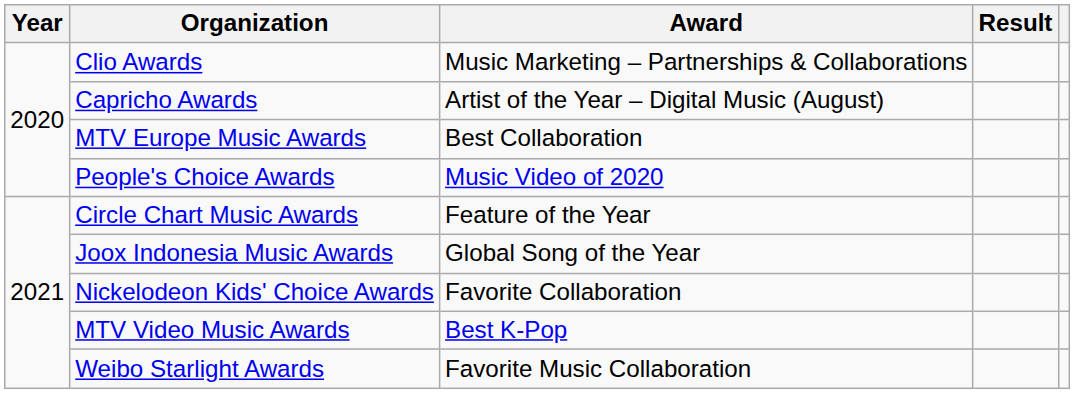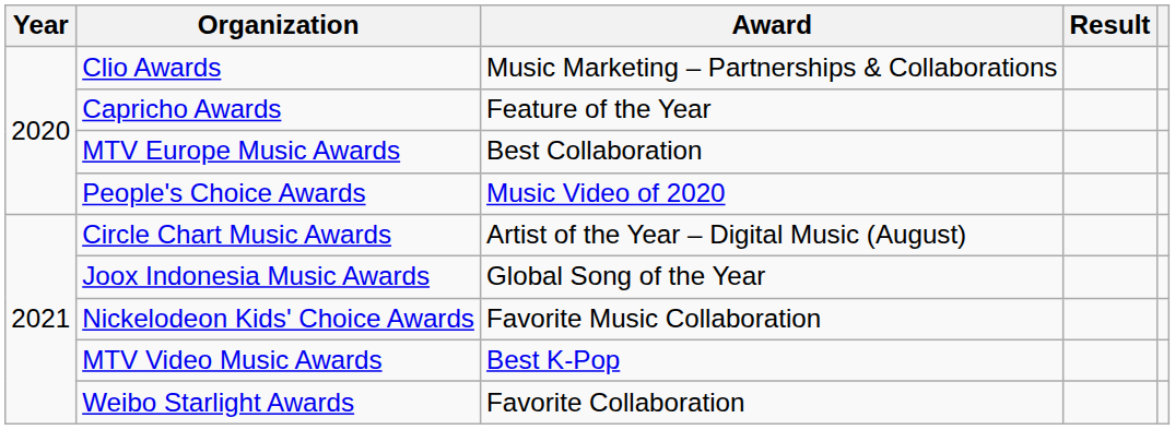 <table class="wikitable plainrowheaders">
 <tr align=center>
 <th scope="col">Year</th>
 <th scope="col">Organization</th>
 <th scope="col">Award</th>
 <th scope="col">Result</th>
 <th scope="col"></th>
 </tr>
 <tr>
 <td rowspan="4" align="center">2020</td>
 <td><a href='#'>Clio Awards</a></td>
 <td>Music Marketing – Partnerships & Collaborations</td>
 <td></td>
 <td style="text-align:center"></td>
 </tr>
 <tr>
 <td><a href='#'>Capricho Awards</a></td>
-<td>Artist of the Year – Digital Music (August)</td>
+<td>Feature of the Year</td>
 <td></td>
 <td style="text-align:center;"></td>
 </tr>
 <tr>
 <td><a href='#'>MTV Europe Music Awards</a></td>
 <td>Best Collaboration</td>
 <td></td>
 <td style="text-align:center;"></td>
 </tr>
 <tr>
 <td><a href='#'>People's Choice Awards</a></td>
 <td><a href='#'>Music Video of 2020</a></td>
 <td></td>
 <td style="text-align:center;"></td>
 </tr>
 <tr>
 <td rowspan="6" align="center">2021</td>
 <td><a href='#'>Circle Chart Music Awards</a></td>
-<td>Feature of the Year</td>
+<td>Artist of the Year – Digital Music (August)</td>
 <td></td>
 <td align="center"></td>
 </tr>
 <tr>
 <td><a href='#'>Joox Indonesia Music Awards</a></td>
 <td>Global Song of the Year</td>
 <td></td>
 <td align="center"></td>
 </tr>
 <tr>
 <td><a href='#'>Nickelodeon Kids' Choice Awards</a></td>
-<td>Favorite Collaboration</td>
+<td>Favorite Music Collaboration</td>
 <td></td>
 <td align="center"></td>
 </tr>
 <tr>
 <td><a href='#'>MTV Video Music Awards</a></td>
 <td><a href='#'>Best K-Pop</a></td>
 <td></td>
 <td align="center"></td>
 </tr>
 <tr>
 <td><a href='#'>Weibo Starlight Awards</a></td>
-<td>Favorite Music Collaboration</td>
+<td>Favorite Collaboration</td>
 <td></td>
 <td align="center"></td>
 </tr>
 </table>
